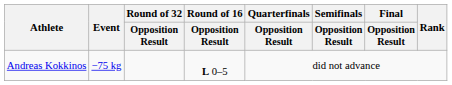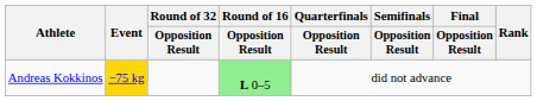 <table class="wikitable" style="font-size:90%;">
 <tr>
 <th rowspan=2>Athlete</th>
 <th rowspan=2>Event</th>
 <th>Round of 32</th>
 <th>Round of 16</th>
 <th>Quarterfinals</th>
 <th>Semifinals</th>
 <th>Final</th>
 <th rowspan=2>Rank</th>
 </tr>
 <tr style="font-size:95%">
 <th>Opposition<br>Result</th>
 <th>Opposition<br>Result</th>
 <th>Opposition<br>Result</th>
 <th>Opposition<br>Result</th>
 <th>Opposition<br>Result</th>
 </tr>
 <tr align=center>
 <td align=left><a href='#'>Andreas Kokkinos</a></td>
-<td align=left><a href='#'>−75 kg</a></td>
+<td align=left style="background: gold;"><a href='#'>−75 kg</a></td>
 <td></td>
-<td><br> <strong>L</strong> 0–5</td>
+<td style="background: lightgreen;"><br> <strong>L</strong> 0–5</td>
 <td Colspan=4>did not advance</td>
 </tr>
 </table>
